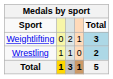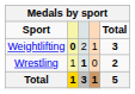 <table class="wikitable" style="font-size:85%">
 <tr style="background:#efefef;">
 <th colspan=7><strong>Medals by sport</strong></th>
 </tr>
 <tr align=center>
 <td><strong>Sport</strong></td>
 <td bgcolor=#f7f6a8></td>
 <td bgcolor=#dce5e5></td>
 <td bgcolor=#ffdab9></td>
 <td><strong>Total</strong></td>
 </tr>
 <tr align=center>
 <td><a href='#'>Weightlifting</a></td>
-<td style="background:#F7F6A8;">0</td>
+<td style="background:#F7F6A8;"><strong>0</strong></td>
 <td style="background:#DCE5E5;">2</td>
 <td style="background:#FFDAB9;">1</td>
-<td style="background: lightblue;"><strong>3</strong></td>
+<td><strong>3</strong></td>
 </tr>
 <tr align=center>
 <td><a href='#'>Wrestling</a></td>
 <td style="background:#F7F6A8;">1</td>
-<td style="background:#DCE5E5;">1</td>
+<td style="background:#DCE5E5;"><strong>1</strong></td>
 <td style="background:#FFDAB9;">0</td>
-<td style="background: lightblue;"><strong>2</strong></td>
+<td><strong>2</strong></td>
 </tr>
 <tr align=center>
 <th><strong>Total</strong></th>
 <th style="background:gold;"><strong>1</strong></th>
 <th style="background:silver;"><strong>3</strong></th>
 <th style="background:#c96;"><strong>1</strong></th>
 <th><strong>5</strong></th>
 </tr>
 </table>
